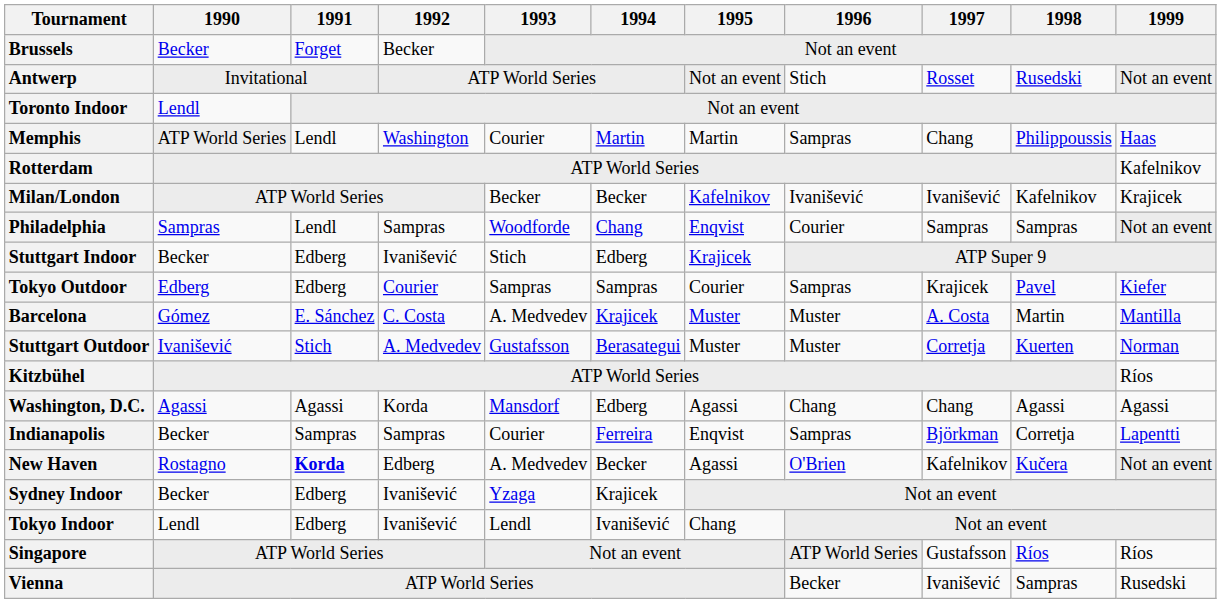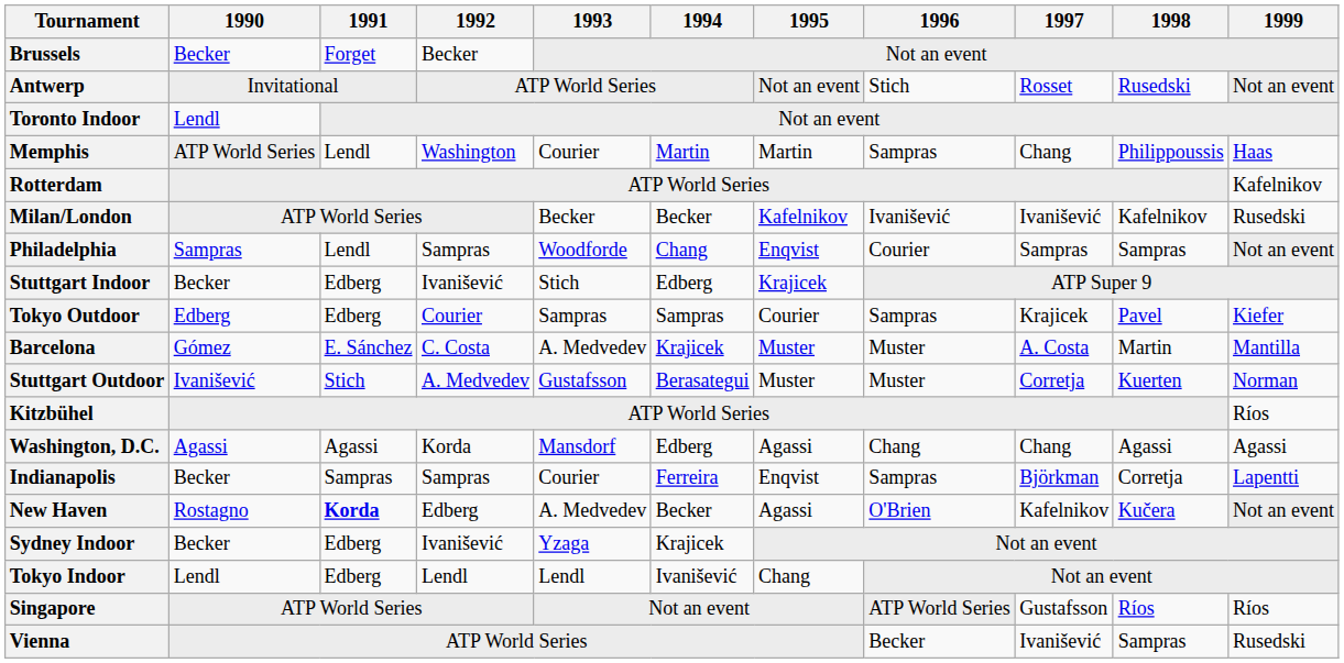 <table class="wikitable nowrap plainrowheaders" style="font-size:90%;">
 <tr>
 <th>Tournament</th>
 <th>1990</th>
 <th>1991</th>
 <th>1992</th>
 <th>1993</th>
 <th>1994</th>
 <th>1995</th>
 <th>1996</th>
 <th>1997</th>
 <th>1998</th>
 <th>1999</th>
 </tr>
 <tr>
 <th style="text-align: left;">Brussels</th>
 <td> <a href='#'>Becker</a></td>
 <td> <a href='#'>Forget</a></td>
 <td> Becker</td>
 <td bgcolor="#ececec" align="center" colspan=7><span>Not an event</span></td>
 </tr>
 <tr>
 <th style="text-align: left;">Antwerp</th>
 <td bgcolor="#ececec" align="center" colspan=2><span>Invitational</span></td>
 <td bgcolor="#ececec" align="center" colspan=3><span>ATP World Series</span></td>
 <td bgcolor="#ececec" align="center"><span>Not an event</span></td>
 <td> Stich</td>
 <td> <a href='#'>Rosset</a></td>
 <td> <a href='#'>Rusedski</a></td>
 <td bgcolor="#ececec" align="center"><span>Not an event</span></td>
 </tr>
 <tr>
 <th style="text-align: left;">Toronto Indoor</th>
 <td> <a href='#'>Lendl</a></td>
 <td bgcolor="#ececec" align="center" colspan=9><span>Not an event</span></td>
 </tr>
 <tr>
 <th style="text-align: left;">Memphis</th>
 <td bgcolor="#ececec" align="center"><span>ATP World Series</span></td>
 <td> Lendl</td>
 <td> <a href='#'>Washington</a></td>
 <td> Courier</td>
 <td> <a href='#'>Martin</a></td>
 <td> Martin</td>
 <td> Sampras</td>
 <td> Chang</td>
 <td> <a href='#'>Philippoussis</a></td>
 <td> <a href='#'>Haas</a></td>
 </tr>
 <tr>
 <th style="text-align: left;">Rotterdam</th>
 <td bgcolor="#ececec" align="center" colspan=9><span>ATP World Series</span></td>
 <td> Kafelnikov</td>
 </tr>
 <tr>
 <th style="text-align: left;">Milan/London</th>
 <td bgcolor="#ececec" align="center" colspan=3><span>ATP World Series</span></td>
 <td> Becker</td>
 <td> Becker</td>
 <td> <a href='#'>Kafelnikov</a></td>
 <td> Ivanišević</td>
 <td> Ivanišević</td>
 <td> Kafelnikov</td>
-<td> Krajicek</td>
+<td> Rusedski</td>
 </tr>
 <tr>
 <th style="text-align: left;">Philadelphia</th>
 <td> <a href='#'>Sampras</a></td>
 <td> Lendl</td>
 <td> Sampras</td>
 <td> <a href='#'>Woodforde</a></td>
 <td> <a href='#'>Chang</a></td>
 <td> <a href='#'>Enqvist</a></td>
 <td> Courier</td>
 <td> Sampras</td>
 <td> Sampras</td>
 <td bgcolor="#ececec" align="center"><span>Not an event</span></td>
 </tr>
 <tr>
 <th style="text-align: left;">Stuttgart Indoor</th>
 <td> Becker</td>
 <td> Edberg</td>
 <td> Ivanišević</td>
 <td> Stich</td>
 <td> Edberg</td>
 <td> <a href='#'>Krajicek</a></td>
 <td bgcolor="#ececec" align="center" colspan=4><span>ATP Super 9</span></td>
 </tr>
 <tr>
 <th style="text-align: left;">Tokyo Outdoor</th>
 <td> <a href='#'>Edberg</a></td>
 <td> Edberg</td>
 <td> <a href='#'>Courier</a></td>
 <td> Sampras</td>
 <td> Sampras</td>
 <td> Courier</td>
 <td> Sampras</td>
 <td> Krajicek</td>
 <td> <a href='#'>Pavel</a></td>
 <td> <a href='#'>Kiefer</a></td>
 </tr>
 <tr>
 <th style="text-align: left;">Barcelona</th>
 <td> <a href='#'>Gómez</a></td>
 <td> <a href='#'>E. Sánchez</a></td>
 <td> <a href='#'>C. Costa</a></td>
 <td> A. Medvedev</td>
 <td> <a href='#'>Krajicek</a></td>
 <td> <a href='#'>Muster</a></td>
 <td> Muster</td>
 <td> <a href='#'>A. Costa</a></td>
 <td> Martin</td>
 <td> <a href='#'>Mantilla</a></td>
 </tr>
 <tr>
 <th style="text-align: left;">Stuttgart Outdoor</th>
 <td> <a href='#'>Ivanišević</a></td>
 <td> <a href='#'>Stich</a></td>
 <td> <a href='#'>A. Medvedev</a></td>
 <td> <a href='#'>Gustafsson</a></td>
 <td> <a href='#'>Berasategui</a></td>
 <td> Muster</td>
 <td> Muster</td>
 <td> <a href='#'>Corretja</a></td>
 <td> <a href='#'>Kuerten</a></td>
 <td> <a href='#'>Norman</a></td>
 </tr>
 <tr>
 <th style="text-align: left;">Kitzbühel</th>
 <td bgcolor="#ececec" align="center" colspan=9><span>ATP World Series</span></td>
 <td> Ríos</td>
 </tr>
 <tr>
 <th style="text-align: left;">Washington, D.C.</th>
 <td> <a href='#'>Agassi</a></td>
 <td> Agassi</td>
 <td> Korda</td>
 <td> <a href='#'>Mansdorf</a></td>
 <td> Edberg</td>
 <td> Agassi</td>
 <td> Chang</td>
 <td> Chang</td>
 <td> Agassi</td>
 <td> Agassi</td>
 </tr>
 <tr>
 <th style="text-align: left;">Indianapolis</th>
 <td> Becker</td>
 <td> Sampras</td>
 <td> Sampras</td>
 <td> Courier</td>
 <td> <a href='#'>Ferreira</a></td>
 <td> Enqvist</td>
 <td> Sampras</td>
 <td> <a href='#'>Björkman</a></td>
 <td> Corretja</td>
 <td> <a href='#'>Lapentti</a></td>
 </tr>
 <tr>
 <th style="text-align: left;">New Haven</th>
 <td> <a href='#'>Rostagno</a></td>
 <td><strong> <a href='#'>Korda</a></strong></td>
 <td> Edberg</td>
 <td> A. Medvedev</td>
 <td> Becker</td>
 <td> Agassi</td>
 <td> <a href='#'>O'Brien</a></td>
 <td> Kafelnikov</td>
 <td> <a href='#'>Kučera</a></td>
 <td bgcolor="#ececec" align="center"><span>Not an event</span></td>
 </tr>
 <tr>
 <th style="text-align: left;">Sydney Indoor</th>
 <td> Becker</td>
 <td> Edberg</td>
 <td> Ivanišević</td>
 <td> <a href='#'>Yzaga</a></td>
 <td> Krajicek</td>
 <td bgcolor="#ececec" align="center" colspan=5><span>Not an event</span></td>
 </tr>
 <tr>
 <th style="text-align: left;">Tokyo Indoor</th>
 <td> Lendl</td>
 <td> Edberg</td>
-<td> Ivanišević</td>
+<td> Lendl</td>
 <td> Lendl</td>
 <td> Ivanišević</td>
 <td> Chang</td>
 <td bgcolor="#ececec" align="center" colspan=4><span>Not an event</span></td>
 </tr>
 <tr>
 <th style="text-align: left;">Singapore</th>
 <td bgcolor="#ececec" align="center" colspan=3><span>ATP World Series</span></td>
 <td bgcolor="#ececec" align="center" colspan=3><span>Not an event</span></td>
 <td bgcolor="#ececec" align="center"><span>ATP World Series</span></td>
 <td> Gustafsson</td>
 <td> <a href='#'>Ríos</a></td>
 <td> Ríos</td>
 </tr>
 <tr>
 <th style="text-align: left;">Vienna</th>
 <td bgcolor="#ececec" align="center" colspan=6><span>ATP World Series</span></td>
 <td> Becker</td>
 <td> Ivanišević</td>
 <td> Sampras</td>
 <td> Rusedski</td>
 </tr>
 </table>
